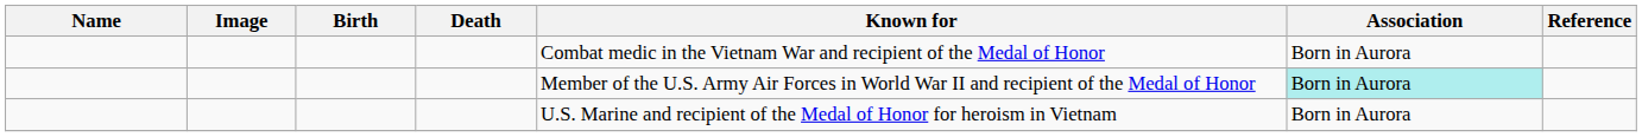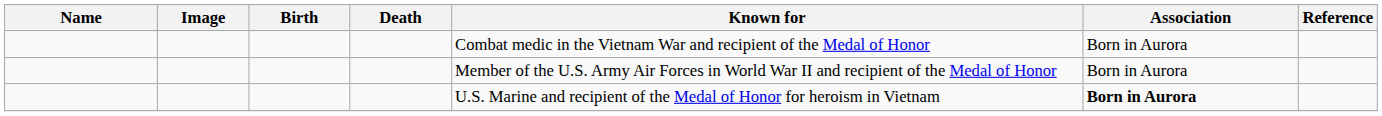 <table class="wikitable sortable">
 <tr>
 <th scope="col" width="140">Name</th>
 <th scope="col" width="80" class="unsortable">Image</th>
 <th scope="col" width="90">Birth</th>
 <th scope="col" width="90">Death</th>
 <th scope="col" width="600" class="unsortable">Known for</th>
 <th scope="col" width="200" class="unsortable">Association</th>
 <th scope="col" width="30" class="unsortable">Reference</th>
 </tr>
 <tr>
 <td></td>
 <td></td>
 <td align=right></td>
 <td align=right></td>
 <td>Combat medic in the Vietnam War and recipient of the <a href='#'>Medal of Honor</a></td>
 <td>Born in Aurora</td>
 <td align="center"></td>
 </tr>
 <tr>
 <td></td>
 <td></td>
 <td align=right></td>
 <td align=right></td>
 <td>Member of the U.S. Army Air Forces in World War II and recipient of the <a href='#'>Medal of Honor</a></td>
-<td style="background: paleturquoise;">Born in Aurora</td>
+<td>Born in Aurora</td>
 <td align="center"></td>
 </tr>
 <tr>
 <td></td>
 <td></td>
 <td align=right></td>
 <td align=right></td>
 <td>U.S. Marine and recipient of the <a href='#'>Medal of Honor</a> for heroism in Vietnam</td>
-<td>Born in Aurora</td>
+<td><strong>Born in Aurora</strong></td>
 <td align="center"></td>
 </tr>
 <tr>
 </tr>
 </table>
